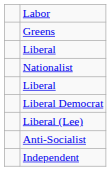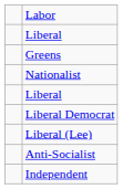 <table class="wikitable">
 <tr>
 <td width=15 > </td>
 <td><a href='#'>Labor</a></td>
 </tr>
 <tr>
 <td width=15 > </td>
-<td><a href='#'>Greens</a></td>
+<td><a href='#'>Liberal</a></td>
 </tr>
 <tr>
 <td width=15 > </td>
-<td><a href='#'>Liberal</a></td>
+<td><a href='#'>Greens</a></td>
 </tr>
 <tr>
 <td width=15 > </td>
 <td><a href='#'>Nationalist</a></td>
 </tr>
 <tr>
 <td width=15 > </td>
 <td><a href='#'>Liberal</a></td>
 </tr>
 <tr>
 <td width=15 > </td>
 <td><a href='#'>Liberal Democrat</a></td>
 </tr>
 <tr>
 <td width=15 > </td>
 <td><a href='#'>Liberal (Lee)</a></td>
 </tr>
 <tr>
 <td width=15 > </td>
 <td><a href='#'>Anti-Socialist</a></td>
 </tr>
 <tr>
 <td width=15 > </td>
 <td><a href='#'>Independent</a></td>
 </tr>
 </table>
